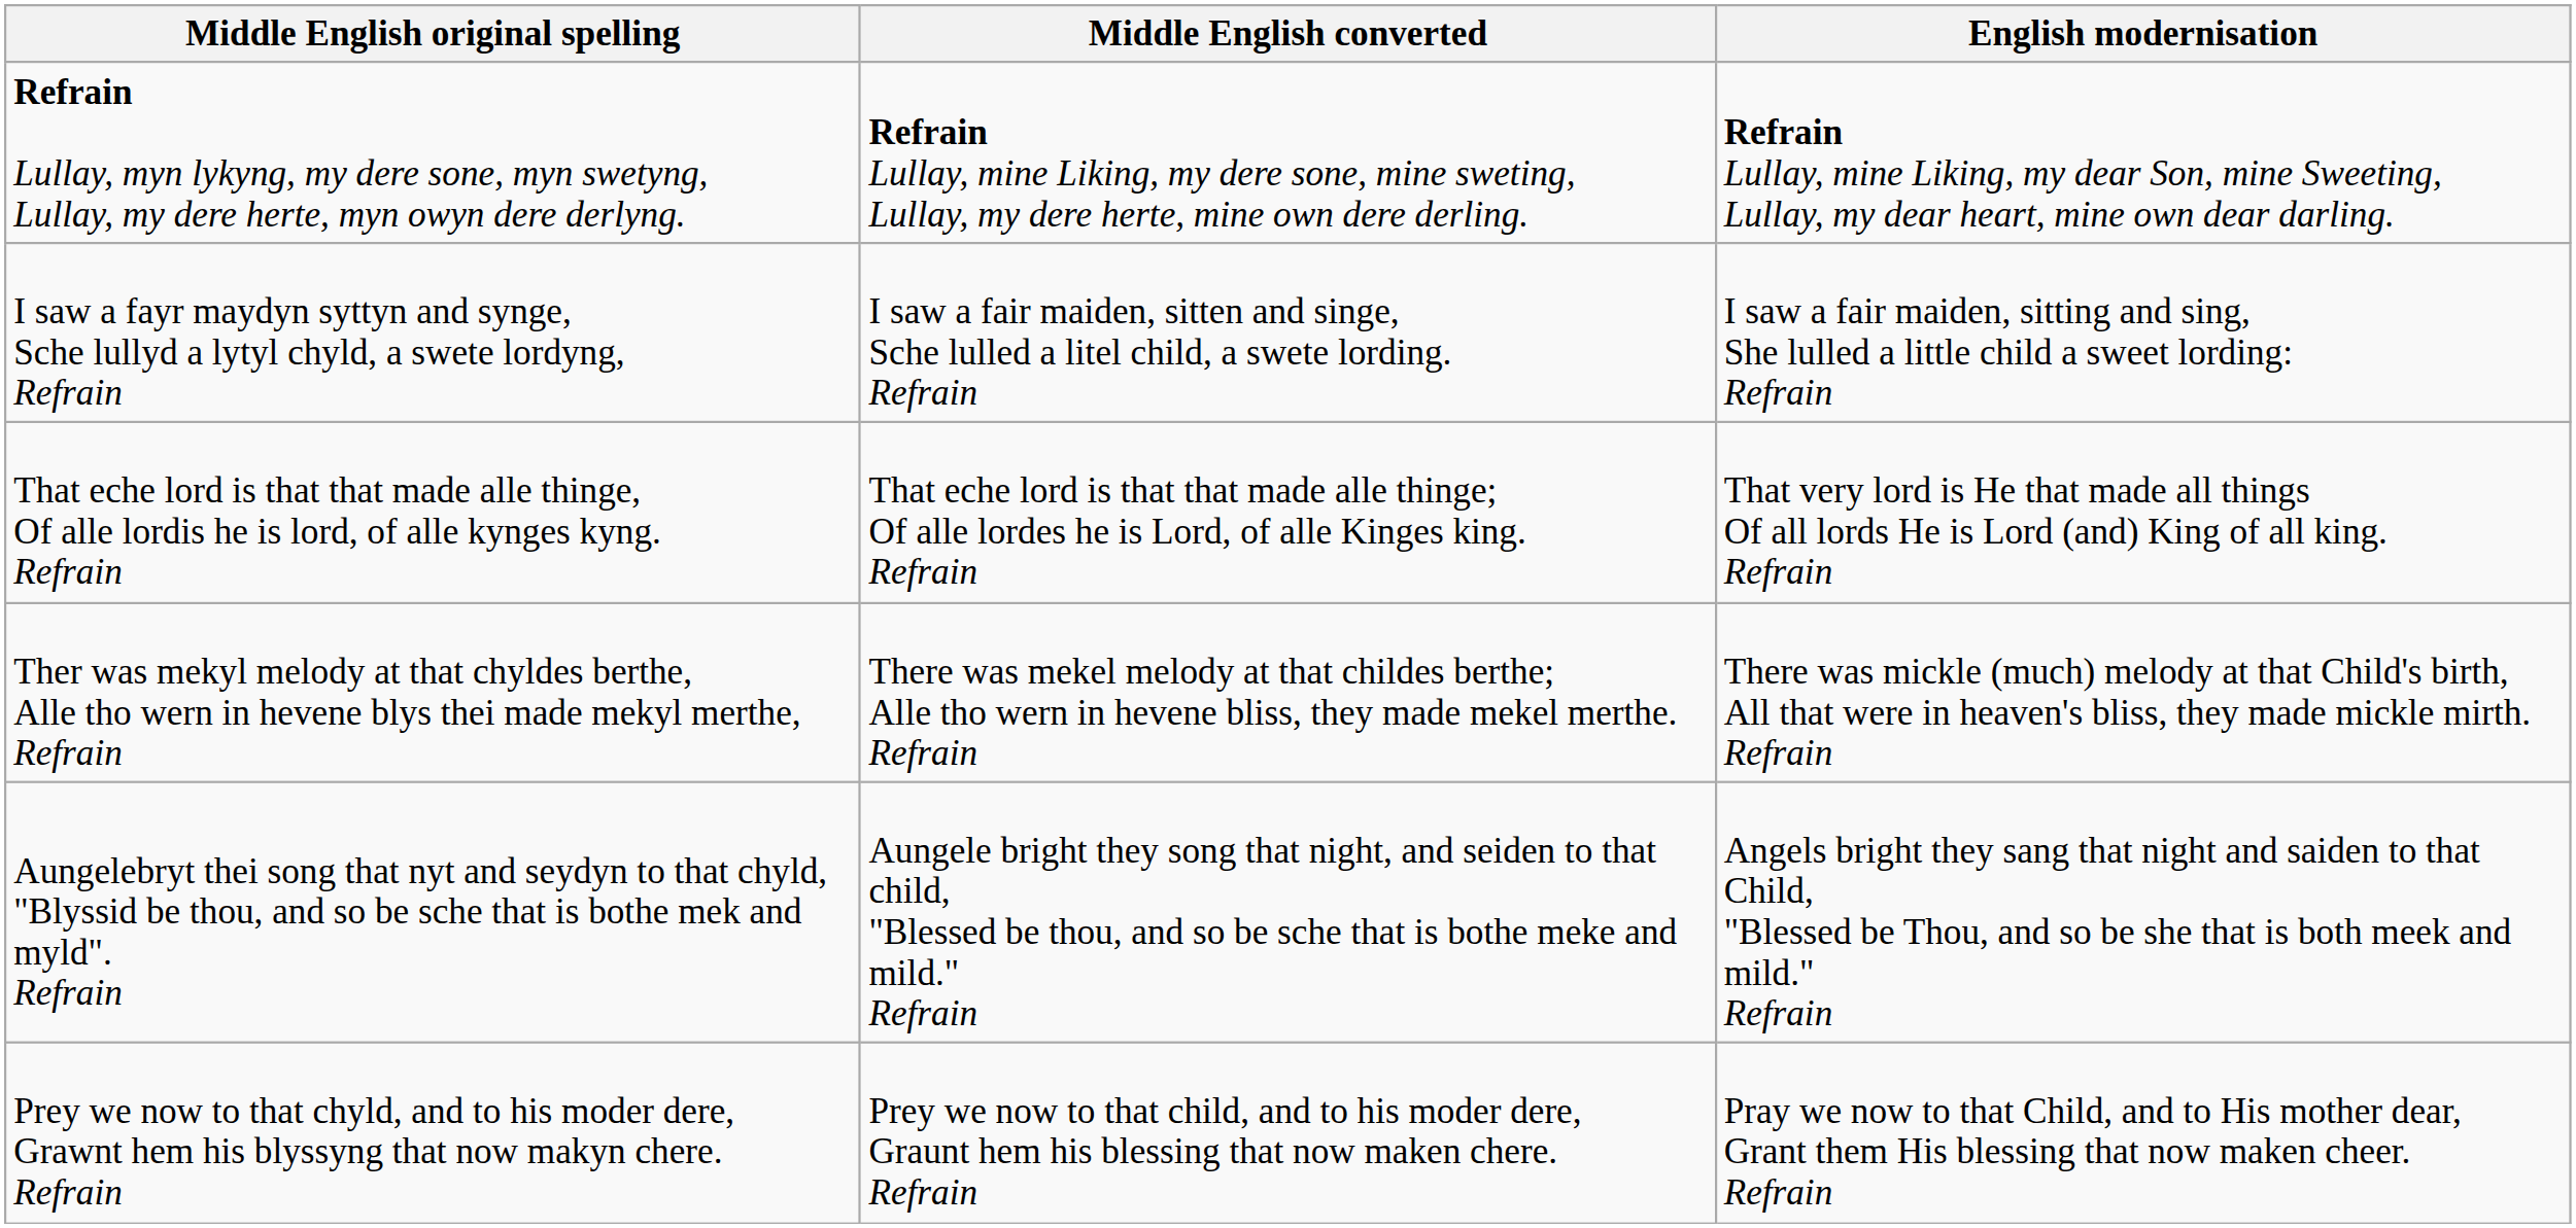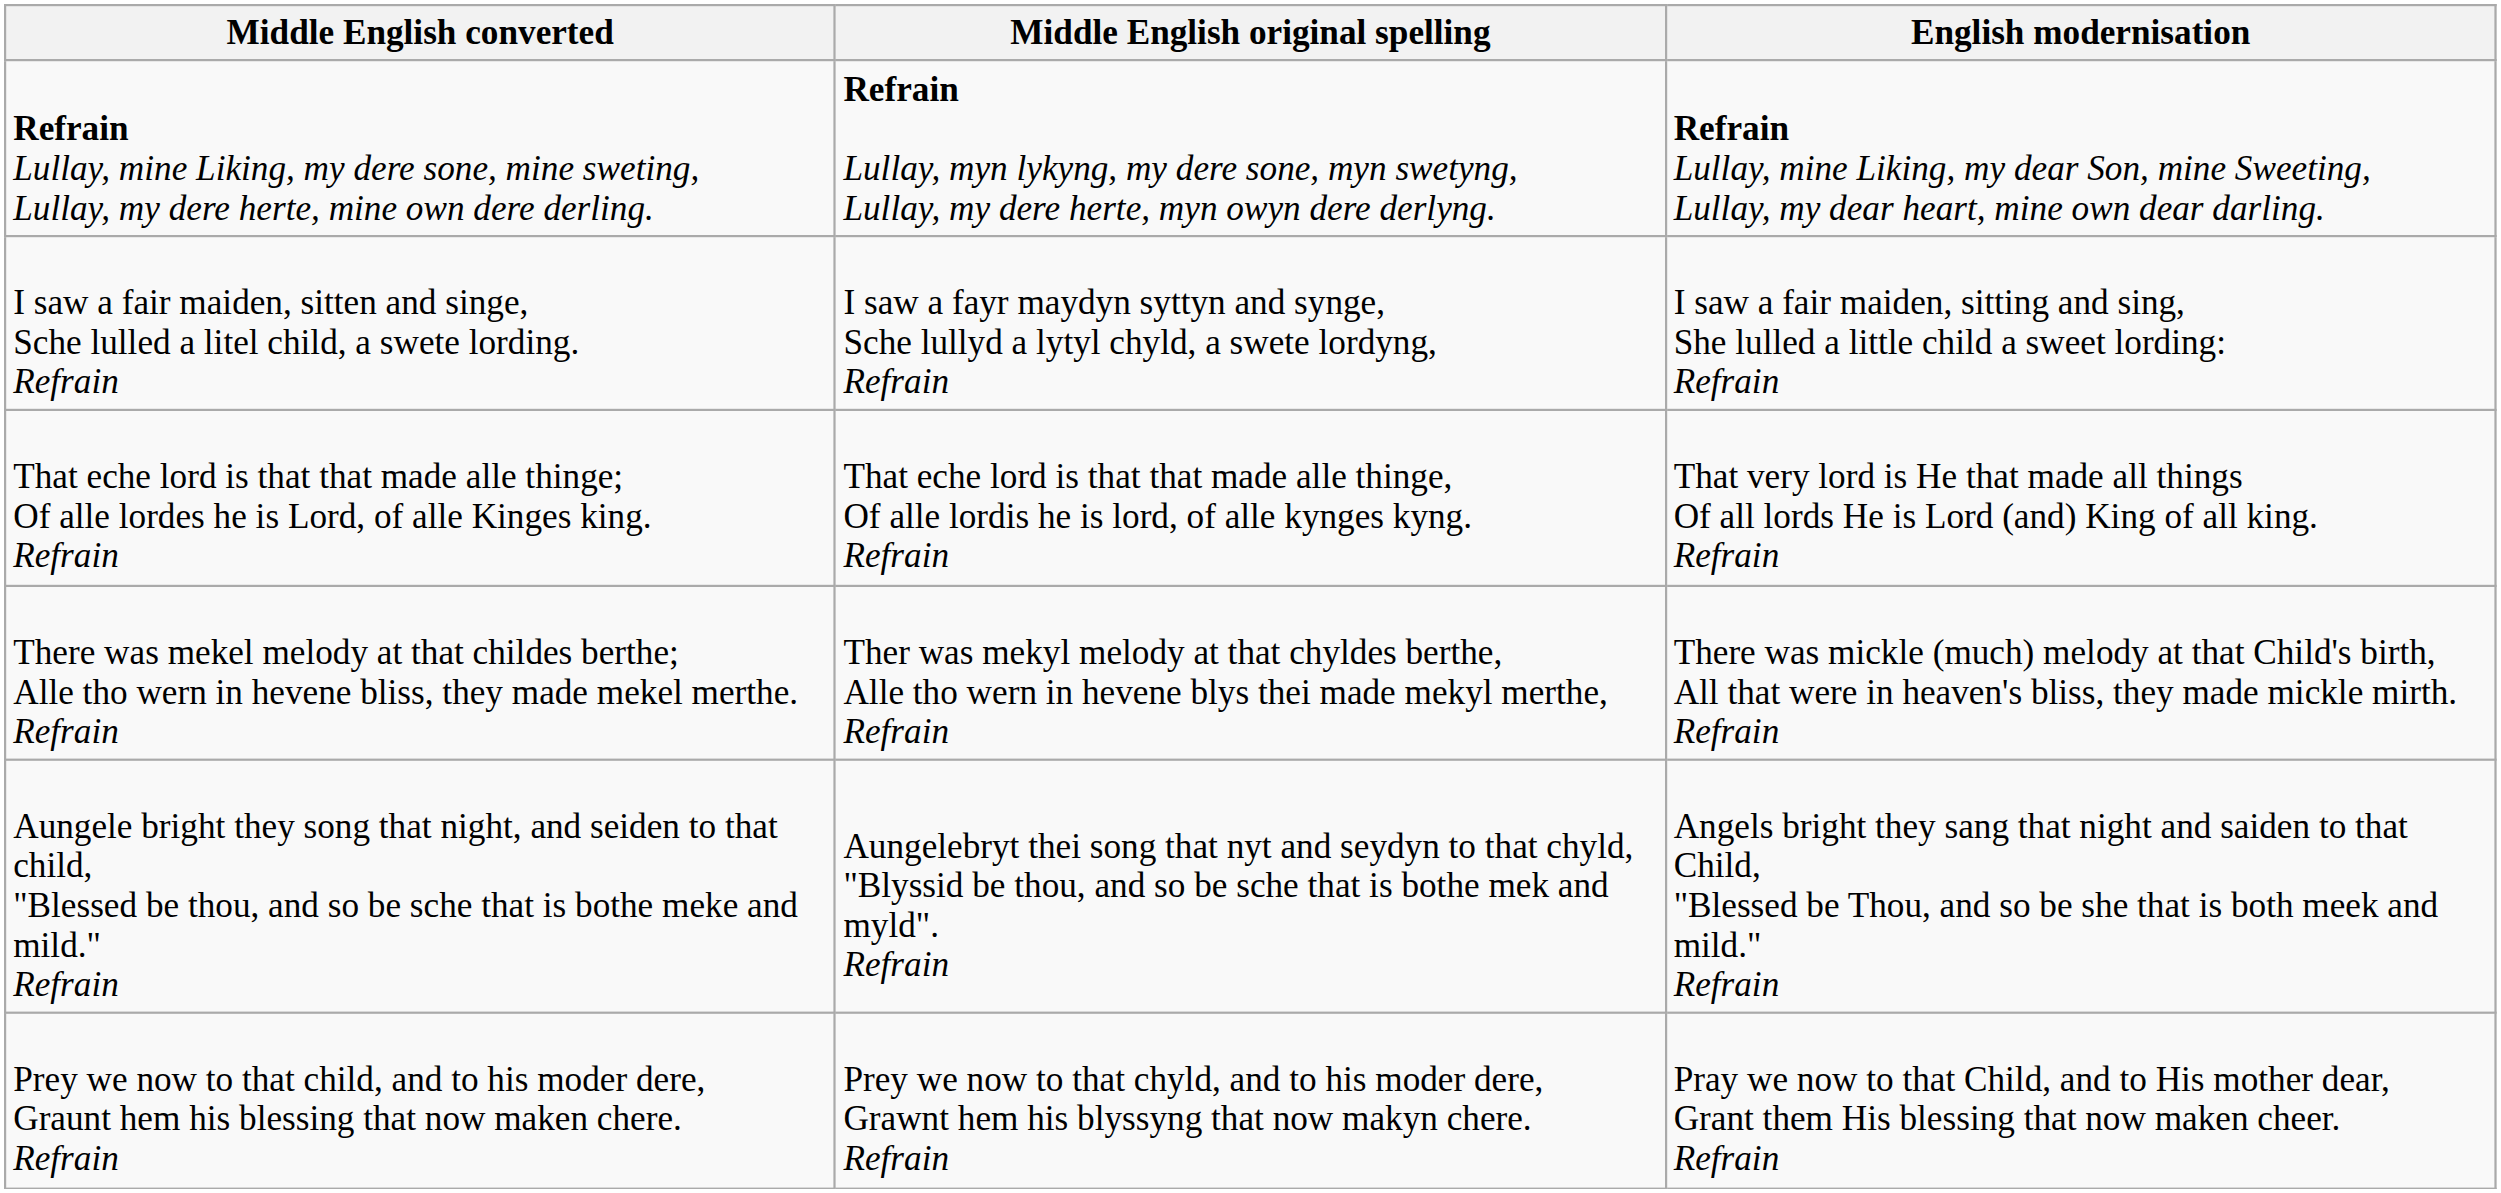 <table class="wikitable">
 <tr>
+<th width="370">Middle English converted</th>
 <th width="370">Middle English original spelling</th>
-<th width="370">Middle English converted</th>
 <th width="370">English modernisation</th>
 </tr>
 <tr>
+<td><br><strong>Refrain</strong><br> <em>Lullay, mine Liking, my dere sone, mine sweting,</em><br> <em>Lullay, my dere herte, mine own dere derling.</em><br></td>
 <td><strong>Refrain</strong><br><br><em>Lullay, myn lykyng, my dere sone, myn swetyng,</em><br> <em>Lullay, my dere herte, myn owyn dere derlyng.</em><br></td>
-<td><br><strong>Refrain</strong><br> <em>Lullay, mine Liking, my dere sone, mine sweting,</em><br> <em>Lullay, my dere herte, mine own dere derling.</em><br></td>
 <td><br><strong>Refrain</strong><br> <em>Lullay, mine Liking, my dear Son, mine Sweeting,</em><br> <em>Lullay, my dear heart, mine own dear darling.</em><br></td>
 </tr>
 <tr>
+<td><br>I saw a fair maiden, sitten and singe,<br> Sche lulled a litel child, a swete lording.<br> <em>Refrain</em></td>
 <td><br>I saw a fayr maydyn syttyn and synge,<br> Sche lullyd a lytyl chyld, a swete lordyng,<br> <em>Refrain</em><br></td>
-<td><br>I saw a fair maiden, sitten and singe,<br> Sche lulled a litel child, a swete lording.<br> <em>Refrain</em></td>
 <td><br>I saw a fair maiden, sitting and sing,<br> She lulled a little child a sweet lording:<br> <em>Refrain</em><br></td>
 </tr>
 <tr>
+<td><br>That eche lord is that that made alle thinge;<br> Of alle lordes he is Lord, of alle Kinges king.<br> <em>Refrain</em><br></td>
 <td><br>That eche lord is that that made alle thinge,<br> Of alle lordis he is lord, of alle kynges kyng.<br> <em>Refrain</em><br></td>
-<td><br>That eche lord is that that made alle thinge;<br> Of alle lordes he is Lord, of alle Kinges king.<br> <em>Refrain</em><br></td>
 <td><br>That very lord is He that made all things<br> Of all lords He is Lord (and) King of all king.<br> <em>Refrain</em><br></td>
 </tr>
 <tr>
+<td><br>There was mekel melody at that childes berthe;<br> Alle tho wern in hevene bliss, they made mekel merthe.<br> <em>Refrain</em><br></td>
 <td><br>Ther was mekyl melody at that chyldes berthe,<br> Alle tho wern in hevene blys thei made mekyl merthe,<br> <em>Refrain</em><br></td>
-<td><br>There was mekel melody at that childes berthe;<br> Alle tho wern in hevene bliss, they made mekel merthe.<br> <em>Refrain</em><br></td>
 <td><br>There was mickle (much) melody at that Child's birth,<br> All that were in heaven's bliss, they made mickle mirth.<br> <em>Refrain</em><br></td>
 </tr>
 <tr>
+<td><br>Aungele bright they song that night, and seiden to that child,<br> "Blessed be thou, and so be sche that is bothe meke and mild."<br> <em>Refrain</em><br></td>
 <td><br>Aungelebryt thei song that nyt and seydyn to that chyld,<br> "Blyssid be thou, and so be sche that is bothe mek and myld".<br> <em>Refrain</em><br></td>
-<td><br>Aungele bright they song that night, and seiden to that child,<br> "Blessed be thou, and so be sche that is bothe meke and mild."<br> <em>Refrain</em><br></td>
 <td><br>Angels bright they sang that night and saiden to that Child,<br> "Blessed be Thou, and so be she that is both meek and mild."<br> <em>Refrain</em><br></td>
 </tr>
 <tr>
+<td><br>Prey we now to that child, and to his moder dere,<br> Graunt hem his blessing that now maken chere.<br> <em>Refrain</em><br></td>
 <td><br>Prey we now to that chyld, and to his moder dere,<br> Grawnt hem his blyssyng that now makyn chere.<br> <em>Refrain</em><br></td>
-<td><br>Prey we now to that child, and to his moder dere,<br> Graunt hem his blessing that now maken chere.<br> <em>Refrain</em><br></td>
 <td><br>Pray we now to that Child, and to His mother dear,<br> Grant them His blessing that now maken cheer.<br> <em>Refrain</em><br></td>
 </tr>
 </table>
